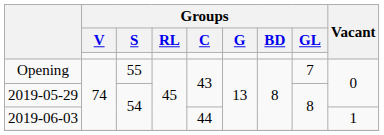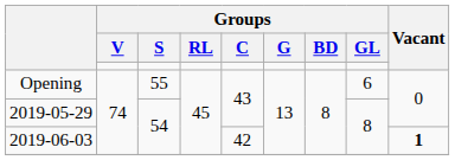 <table class="wikitable" style="text-align:center;">
 <tr>
 <th rowspan=3></th>
 <th colspan=7>Groups</th>
 <th rowspan=3>Vacant</th>
 </tr>
 <tr>
 <th style="width:30px;"><a href='#'>V</a></th>
 <th style="width:30px;"><a href='#'>S</a></th>
 <th style="width:30px;"><a href='#'>RL</a></th>
 <th style="width:30px;"><a href='#'>C</a></th>
 <th style="width:30px;"><a href='#'>G</a></th>
 <th style="width:30px;"><a href='#'>BD</a></th>
 <th style="width:30px;"><a href='#'>GL</a></th>
 </tr>
 <tr>
 <td></td>
 <td></td>
 <td></td>
 <td></td>
 <td></td>
 <td></td>
 <td></td>
 </tr>
 <tr>
 <td>Opening</td>
 <td rowspan=3 style="background-color:#">74</td>
 <td style="background-color:#">55</td>
 <td rowspan=3 style="background-color:#">45</td>
 <td rowspan=2 style="background-color:#">43</td>
 <td rowspan=3>13</td>
 <td rowspan=3>8</td>
-<td>7</td>
+<td>6</td>
 <td rowspan=2>0</td>
 </tr>
 <tr>
 <td>2019-05-29</td>
 <td rowspan=2 style="background-color:#">54</td>
 <td rowspan=2>8</td>
 </tr>
 <tr>
 <td>2019-06-03</td>
-<td style="background-color:#">44</td>
-<td>1</td>
+<td style="background-color:#">42</td>
+<td><strong>1</strong></td>
 </tr>
 <tr>
 </tr>
 </table>
